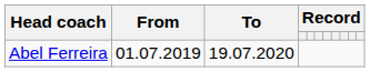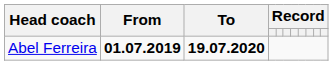 <table class="wikitable" style="text-align: left">
 <tr>
 <th rowspan=2>Head coach</th>
 <th rowspan=2>From</th>
 <th rowspan=2>To</th>
 <th colspan=8>Record</th>
 </tr>
 <tr>
 <th></th>
 <th></th>
 <th></th>
 <th></th>
 <th></th>
 <th></th>
 <th></th>
 <th></th>
 </tr>
 <tr>
 <td> <a href='#'>Abel Ferreira</a></td>
-<td>01.07.2019</td>
-<td>19.07.2020<br></td>
+<td><strong>01.07.2019</strong></td>
+<td><strong>19.07.2020<br></strong></td>
 </tr>
 </table>
